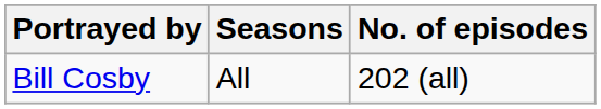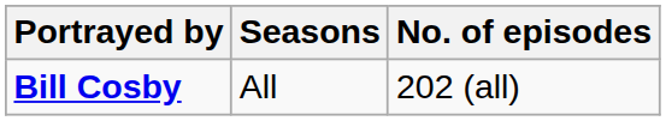 <table class="wikitable" style="text-align:justify;">
 <tr>
 <th>Portrayed by</th>
 <th>Seasons</th>
 <th>No. of episodes</th>
 </tr>
 <tr>
-<td><a href='#'>Bill Cosby</a></td>
+<td><strong><a href='#'>Bill Cosby</a></strong></td>
 <td>All</td>
 <td>202 (all)</td>
 </tr>
 </table>
